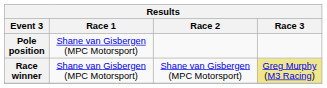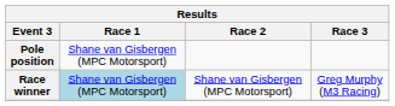 <table class="wikitable collapsible collapsed" width=75% style="font-size: 85%; max-width: 950px">
 <tr>
 <th colspan="4">Results</th>
 </tr>
 <tr>
 <th>Event 3</th>
 <th>Race 1</th>
 <th>Race 2</th>
 <th>Race 3</th>
 </tr>
 <tr>
 <th>Pole<br>position</th>
 <td align="center"> <a href='#'>Shane van Gisbergen</a><br>(MPC Motorsport)</td>
 <td align="center"></td>
 <td align="center"></td>
 </tr>
 <tr>
 <th>Race<br>winner</th>
+<td align="center" style="background: lightblue;"> <a href='#'>Shane van Gisbergen</a><br>(MPC Motorsport)</td>
 <td align="center"> <a href='#'>Shane van Gisbergen</a><br>(MPC Motorsport)</td>
-<td align="center"> <a href='#'>Shane van Gisbergen</a><br>(MPC Motorsport)</td>
-<td align="center" style="background: khaki;"> <a href='#'>Greg Murphy</a><br>(<a href='#'>M3 Racing</a>)</td>
+<td align="center"> <a href='#'>Greg Murphy</a><br>(<a href='#'>M3 Racing</a>)</td>
 </tr>
 <tr>
 </tr>
 </table>
